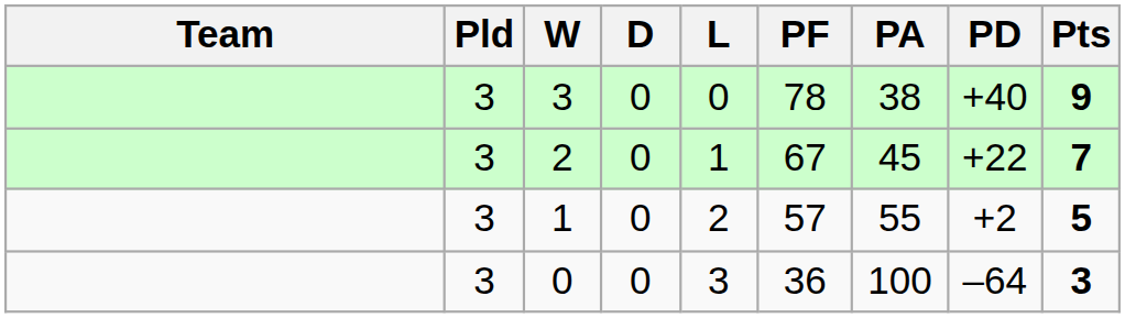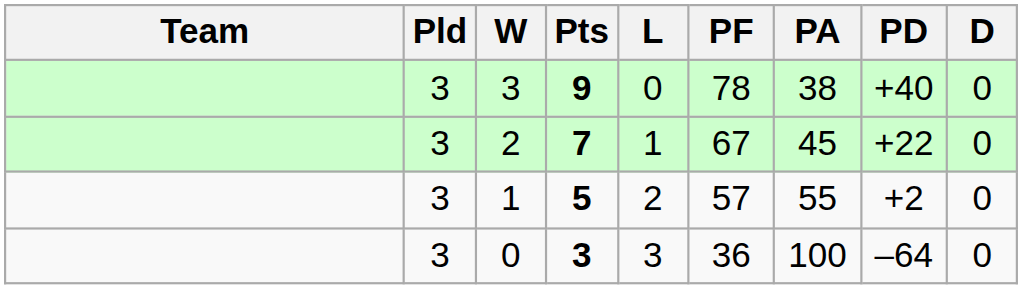 <table class="wikitable" style="text-align:center;">
 <tr>
 <th width=175>Team</th>
 <th width=25 abbr="Played">Pld</th>
 <th width=25 abbr="Won">W</th>
-<th width=25 abbr="Drawn">D</th>
+<th width=25 abbr="Points">Pts</th>
 <th width=25 abbr="Lost">L</th>
 <th width=32 abbr="Points for">PF</th>
 <th width=32 abbr="Points against">PA</th>
 <th width=32 abbr="Points difference">PD</th>
-<th width=25 abbr="Points">Pts</th>
+<th width=25 abbr="Drawn">D</th>
 </tr>
 <tr bgcolor=ccffcc>
 <td align=left></td>
 <td>3</td>
 <td>3</td>
-<td>0</td>
+<td><strong>9</strong></td>
 <td>0</td>
 <td>78</td>
 <td>38</td>
 <td>+40</td>
-<td><strong>9</strong></td>
+<td>0</td>
 </tr>
 <tr bgcolor=ccffcc>
 <td align=left></td>
 <td>3</td>
 <td>2</td>
-<td>0</td>
+<td><strong>7</strong></td>
 <td>1</td>
 <td>67</td>
 <td>45</td>
 <td>+22</td>
-<td><strong>7</strong></td>
+<td>0</td>
 </tr>
 <tr>
 <td align=left></td>
 <td>3</td>
 <td>1</td>
-<td>0</td>
+<td><strong>5</strong></td>
 <td>2</td>
 <td>57</td>
 <td>55</td>
 <td>+2</td>
-<td><strong>5</strong></td>
+<td>0</td>
 </tr>
 <tr>
 <td align=left></td>
 <td>3</td>
 <td>0</td>
-<td>0</td>
+<td><strong>3</strong></td>
 <td>3</td>
 <td>36</td>
 <td>100</td>
 <td>–64</td>
-<td><strong>3</strong></td>
+<td>0</td>
 </tr>
 </table>
